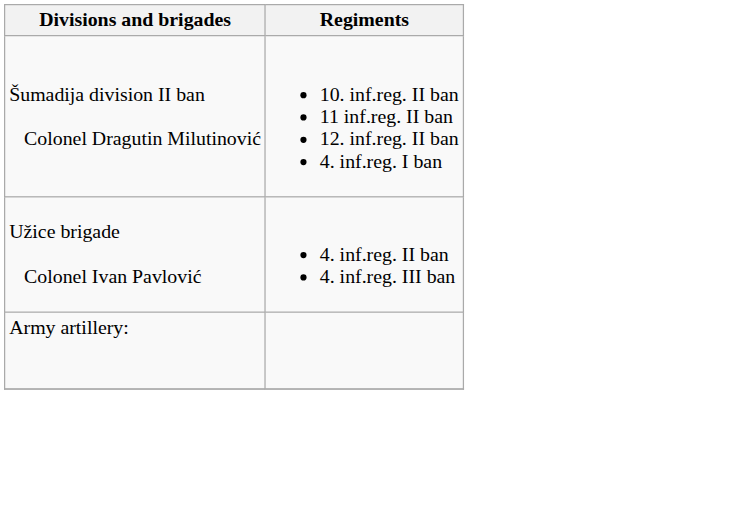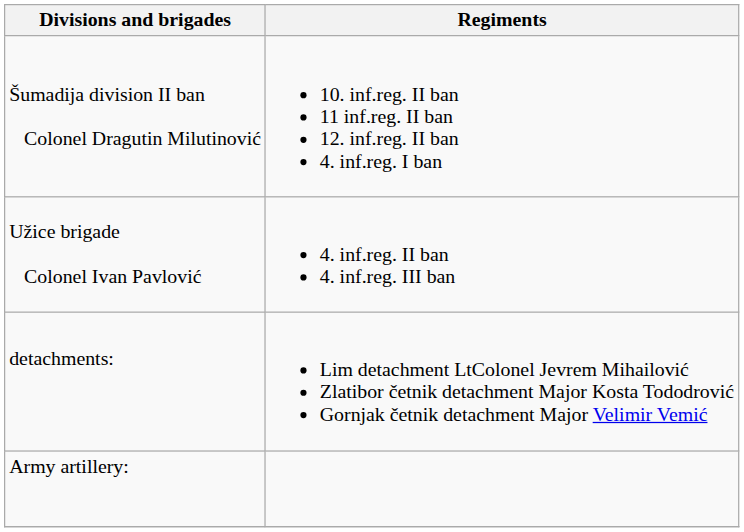 <table class="wikitable">
 <tr>
 <th>Divisions and brigades</th>
 <th>Regiments</th>
 </tr>
 <tr>
 <td>Šumadija division II ban<br><br>   Colonel Dragutin Milutinović</td>
 <td><br><ul><li>10. inf.reg. II ban</li><li>11  inf.reg. II ban</li><li>12. inf.reg. II ban</li><li>4. inf.reg. I ban</li></ul></td>
 </tr>
 <tr>
 <td>Užice brigade<br><br>   Colonel Ivan Pavlović</td>
 <td><br><ul><li>4. inf.reg. II ban</li><li>4. inf.reg. III ban</li></ul></td>
 </tr>
 <tr>
+<td>detachments:<br><br>  </td>
+<td><br><ul><li>Lim detachment LtColonel Jevrem Mihailović</li><li>Zlatibor četnik detachment Major Kosta Tododrović</li><li>Gornjak četnik detachment Major <a href='#'>Velimir Vemić</a></li></ul></td>
+</tr>
+<tr>
 <td>Army artillery:<br><br>  </td>
 <td></td>
 </tr>
 <tr>
 </tr>
 </table>
